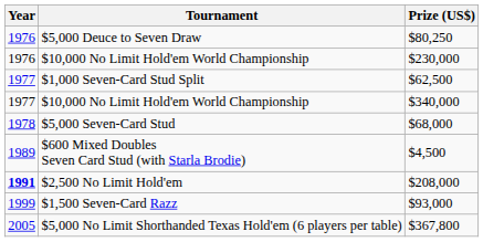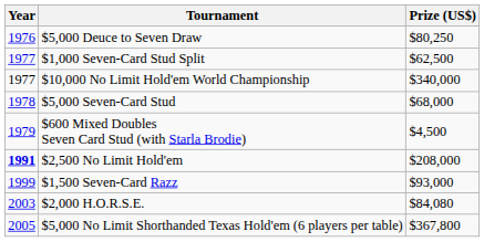 <table class="wikitable">
 <tr>
 <th>Year</th>
 <th>Tournament</th>
 <th>Prize (US$)</th>
 </tr>
 <tr>
 <td><a href='#'>1976</a></td>
 <td>$5,000 Deuce to Seven Draw</td>
 <td>$80,250</td>
-</tr>
-<tr>
-<td>1976</td>
-<td>$10,000 No Limit Hold'em World Championship</td>
-<td>$230,000</td>
 </tr>
 <tr>
 <td><a href='#'>1977</a></td>
 <td>$1,000 Seven-Card Stud Split</td>
 <td>$62,500</td>
 </tr>
 <tr>
 <td>1977</td>
 <td>$10,000 No Limit Hold'em World Championship</td>
 <td>$340,000</td>
 </tr>
 <tr>
 <td><a href='#'>1978</a></td>
 <td>$5,000 Seven-Card Stud</td>
 <td>$68,000</td>
 </tr>
 <tr>
-<td><a href='#'>1989</a></td>
+<td><a href='#'>1979</a></td>
 <td>$600 Mixed Doubles<br>Seven Card Stud  (with <a href='#'>Starla Brodie</a>)</td>
 <td>$4,500</td>
 </tr>
 <tr>
 <td><strong><a href='#'>1991</a></strong></td>
 <td>$2,500 No Limit Hold'em</td>
 <td>$208,000</td>
 </tr>
 <tr>
 <td><a href='#'>1999</a></td>
 <td>$1,500 Seven-Card <a href='#'>Razz</a></td>
 <td>$93,000</td>
 </tr>
 <tr>
+<td><a href='#'>2003</a></td>
+<td>$2,000 H.O.R.S.E.</td>
+<td>$84,080</td>
+</tr>
+<tr>
 <td><a href='#'>2005</a></td>
 <td>$5,000 No Limit Shorthanded Texas Hold'em (6 players per table)</td>
 <td>$367,800</td>
 </tr>
 </table>
